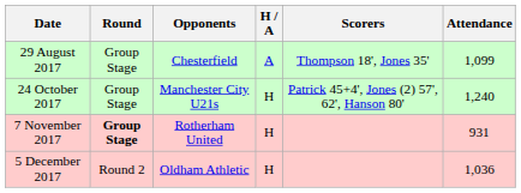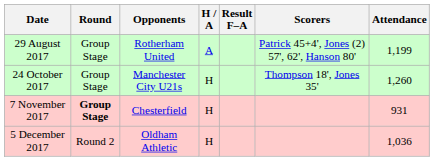 <table class="wikitable" style="text-align:center">
 <tr>
 <th>Date</th>
 <th>Round</th>
 <th>Opponents</th>
 <th>H / A</th>
+<th>Result<br>F–A</th>
 <th>Scorers</th>
 <th>Attendance</th>
 </tr>
 <tr bgcolor="#ccffcc">
 <td>29 August 2017</td>
 <td>Group Stage</td>
-<td><a href='#'>Chesterfield</a></td>
+<td><a href='#'>Rotherham United</a></td>
 <td><a href='#'>A</a></td>
-<td><a href='#'>Thompson</a> 18', <a href='#'>Jones</a> 35'</td>
-<td>1,099</td>
+<td></td>
+<td><a href='#'>Patrick</a> 45+4', <a href='#'>Jones</a> (2) 57', 62', <a href='#'>Hanson</a> 80'</td>
+<td>1,199</td>
 </tr>
 <tr bgcolor="#ccffcc">
 <td>24 October 2017</td>
 <td>Group Stage</td>
 <td><a href='#'>Manchester City U21s</a></td>
 <td>H</td>
-<td><a href='#'>Patrick</a> 45+4', <a href='#'>Jones</a> (2) 57', 62', <a href='#'>Hanson</a> 80'</td>
-<td>1,240</td>
+<td></td>
+<td><a href='#'>Thompson</a> 18', <a href='#'>Jones</a> 35'</td>
+<td>1,260</td>
 </tr>
 <tr style="background:#fcc;">
 <td>7 November 2017</td>
 <td><strong>Group Stage</strong></td>
-<td><a href='#'>Rotherham United</a></td>
+<td><a href='#'>Chesterfield</a></td>
 <td>H</td>
+<td></td>
 <td></td>
 <td>931</td>
 </tr>
 <tr style="background:#fcc;">
 <td>5 December 2017</td>
 <td>Round 2</td>
 <td><a href='#'>Oldham Athletic</a></td>
 <td>H</td>
 <td></td>
+<td></td>
 <td>1,036</td>
 </tr>
 </table>
